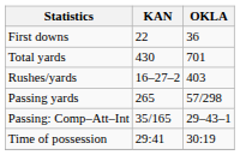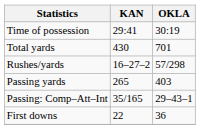 <table class="wikitable" style="float: left;">
 <tr>
 <th>Statistics</th>
 <th>KAN</th>
 <th>OKLA</th>
 </tr>
 <tr>
-<td>First downs</td>
-<td>22</td>
-<td>36</td>
+<td>Time of possession</td>
+<td>29:41</td>
+<td>30:19</td>
 </tr>
 <tr>
 <td>Total yards</td>
 <td>430</td>
 <td>701</td>
 </tr>
 <tr>
 <td>Rushes/yards</td>
 <td>16–27–2</td>
-<td>403</td>
+<td>57/298</td>
 </tr>
 <tr>
 <td>Passing yards</td>
 <td>265</td>
-<td>57/298</td>
+<td>403</td>
 </tr>
 <tr>
 <td>Passing: Comp–Att–Int</td>
 <td>35/165</td>
 <td>29–43–1</td>
 </tr>
 <tr>
-<td>Time of possession</td>
-<td>29:41</td>
-<td>30:19</td>
+<td>First downs</td>
+<td>22</td>
+<td>36</td>
 </tr>
 <tr>
 </tr>
 </table>
